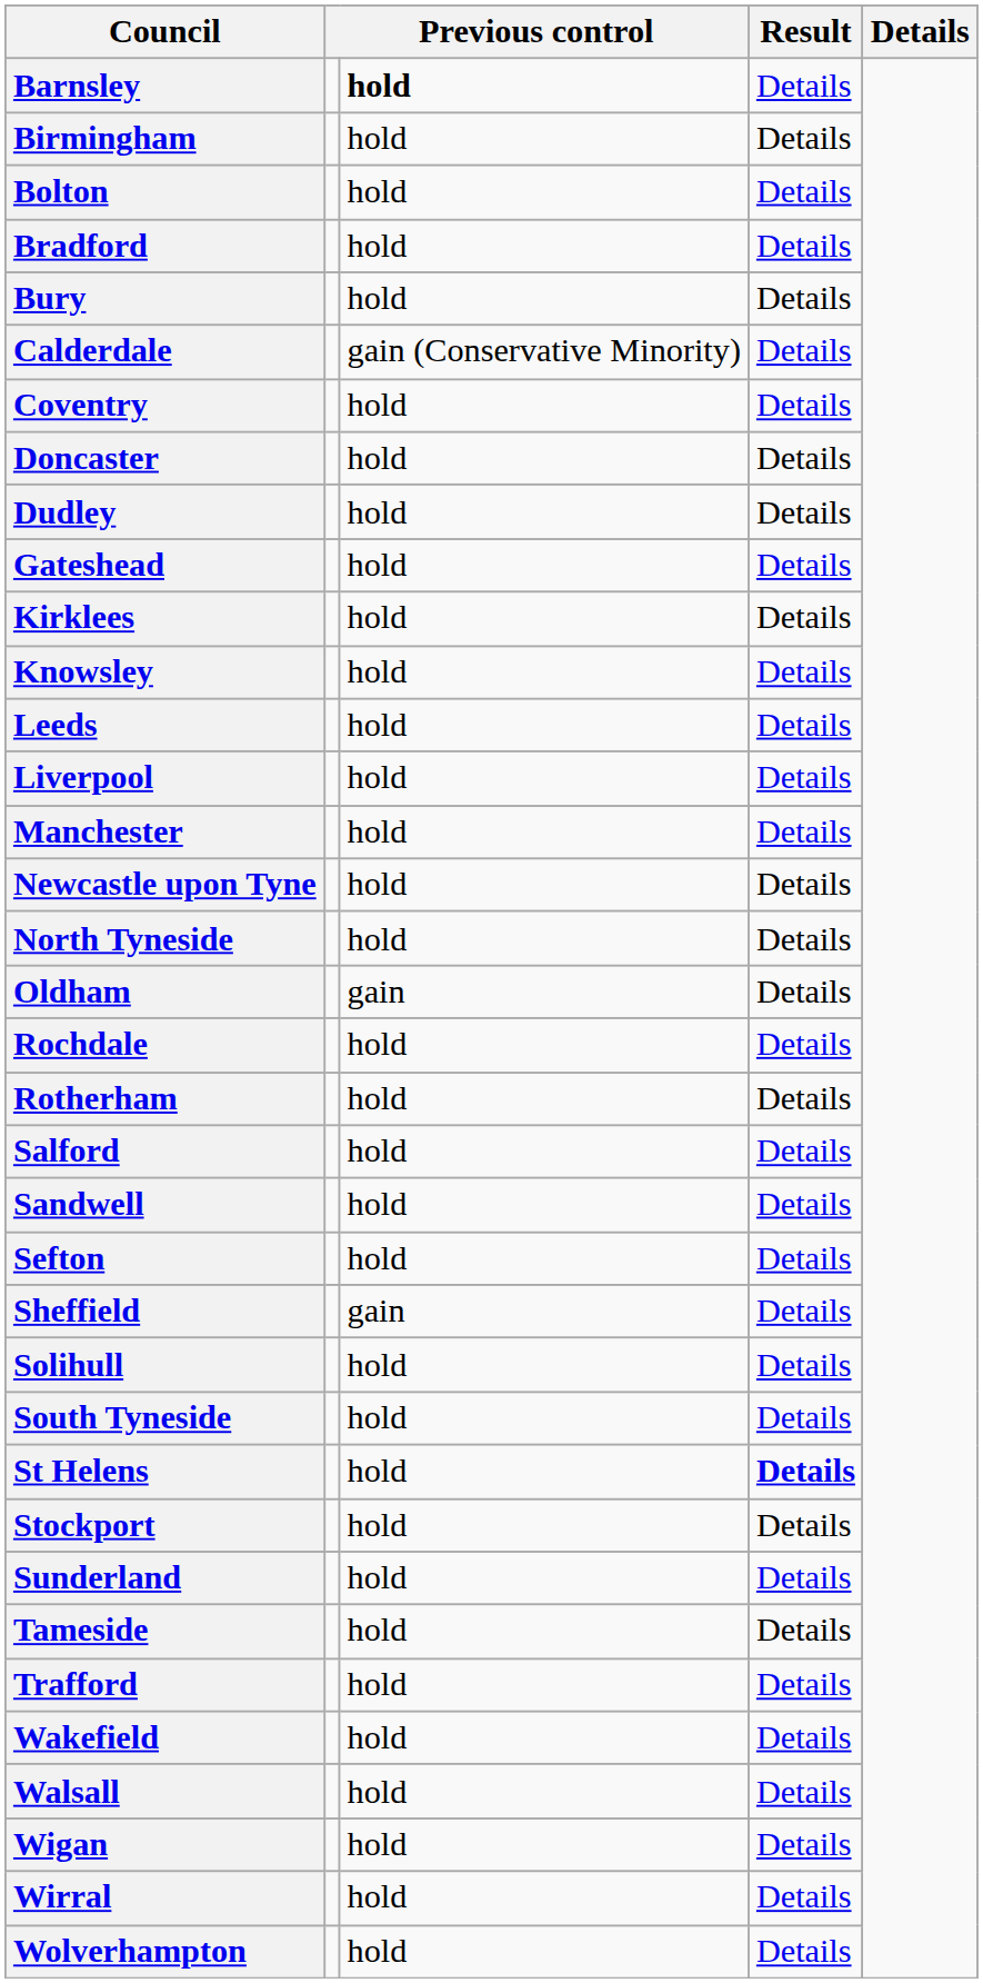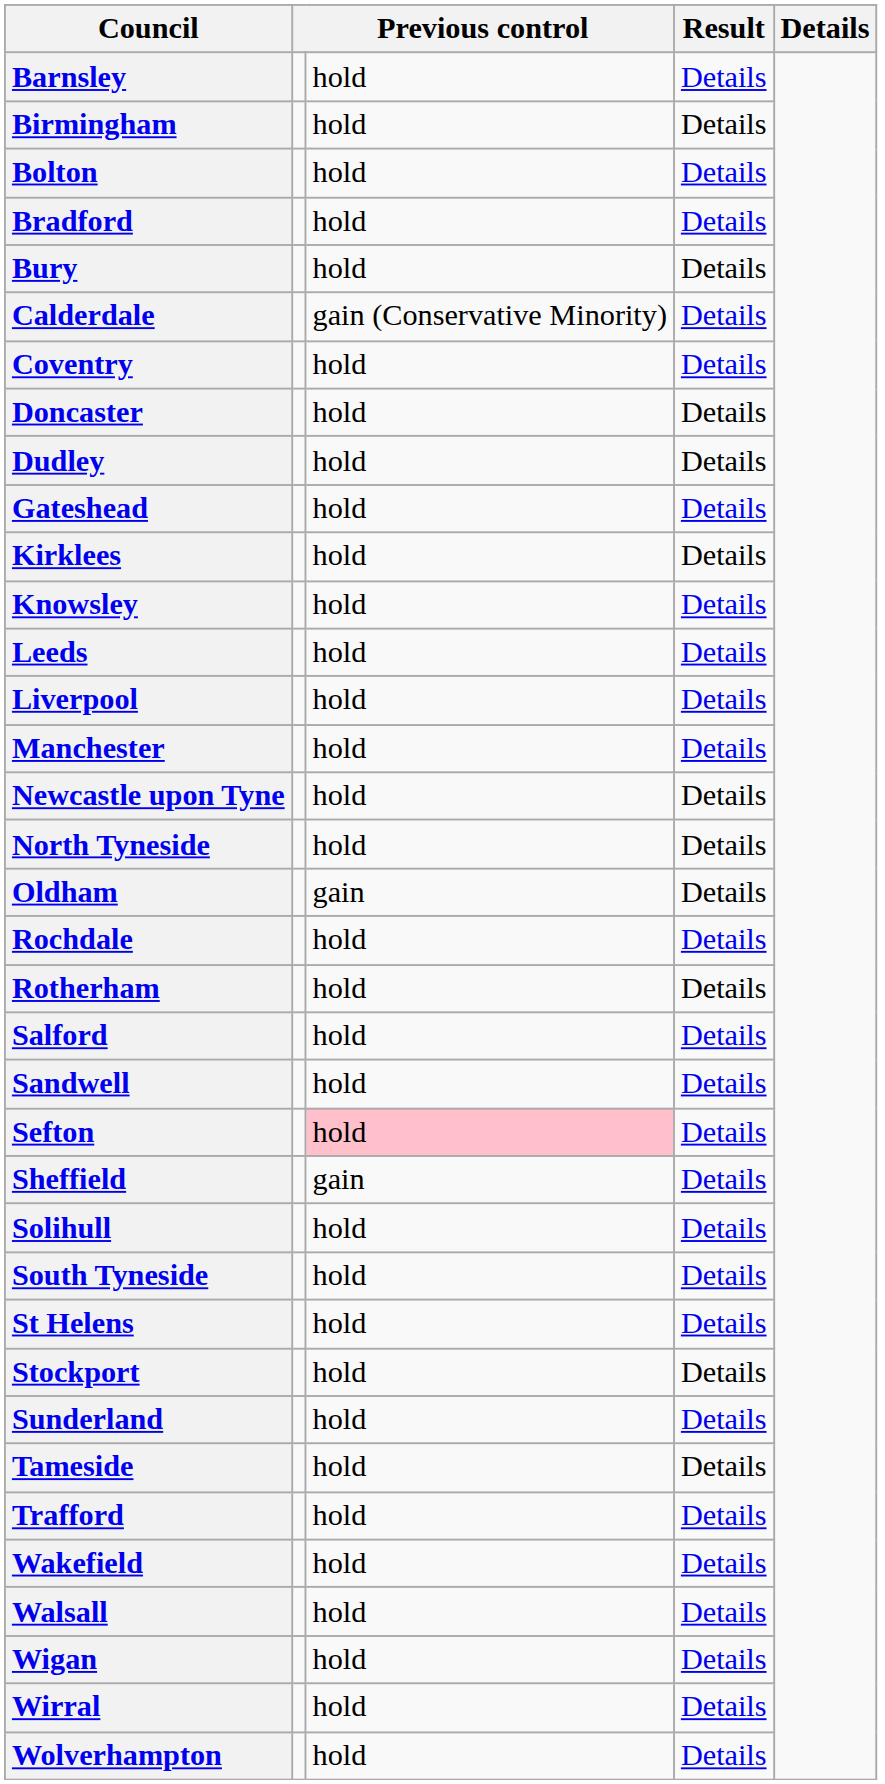 <table class="wikitable sortable" border="1">
 <tr>
 <th scope="col">Council</th>
 <th colspan=2>Previous control</th>
 <th colspan=2>Result</th>
 <th class="unsortable" scope="col">Details</th>
 </tr>
 <tr>
 <th scope="row" style="text-align: left;"><a href='#'>Barnsley</a></th>
 <td></td>
-<td><strong> hold</strong></td>
+<td> hold</td>
 <td><a href='#'>Details</a></td>
 </tr>
 <tr>
 <th scope="row" style="text-align: left;"><a href='#'>Birmingham</a></th>
 <td></td>
 <td> hold</td>
 <td>Details</td>
 </tr>
 <tr>
 <th scope="row" style="text-align: left;"><a href='#'>Bolton</a></th>
 <td></td>
 <td> hold</td>
 <td><a href='#'>Details</a></td>
 </tr>
 <tr>
 <th scope="row" style="text-align: left;"><a href='#'>Bradford</a></th>
 <td></td>
 <td> hold</td>
 <td><a href='#'>Details</a></td>
 </tr>
 <tr>
 <th scope="row" style="text-align: left;"><a href='#'>Bury</a></th>
 <td></td>
 <td> hold</td>
 <td>Details</td>
 </tr>
 <tr>
 <th scope="row" style="text-align: left;"><a href='#'>Calderdale</a></th>
 <td></td>
 <td> gain (Conservative Minority)</td>
 <td><a href='#'>Details</a></td>
 </tr>
 <tr>
 <th scope="row" style="text-align: left;"><a href='#'>Coventry</a></th>
 <td></td>
 <td> hold</td>
 <td><a href='#'>Details</a></td>
 </tr>
 <tr>
 <th scope="row" style="text-align: left;"><a href='#'>Doncaster</a></th>
 <td></td>
 <td> hold</td>
 <td>Details</td>
 </tr>
 <tr>
 <th scope="row" style="text-align: left;"><a href='#'>Dudley</a></th>
 <td></td>
 <td> hold</td>
 <td>Details</td>
 </tr>
 <tr>
 <th scope="row" style="text-align: left;"><a href='#'>Gateshead</a></th>
 <td></td>
 <td> hold</td>
 <td><a href='#'>Details</a></td>
 </tr>
 <tr>
 <th scope="row" style="text-align: left;"><a href='#'>Kirklees</a></th>
 <td></td>
 <td> hold</td>
 <td>Details</td>
 </tr>
 <tr>
 <th scope="row" style="text-align: left;"><a href='#'>Knowsley</a></th>
 <td></td>
 <td> hold</td>
 <td><a href='#'>Details</a></td>
 </tr>
 <tr>
 <th scope="row" style="text-align: left;"><a href='#'>Leeds</a></th>
 <td></td>
 <td> hold</td>
 <td><a href='#'>Details</a></td>
 </tr>
 <tr>
 <th scope="row" style="text-align: left;"><a href='#'>Liverpool</a></th>
 <td></td>
 <td> hold</td>
 <td><a href='#'>Details</a></td>
 </tr>
 <tr>
 <th scope="row" style="text-align: left;"><a href='#'>Manchester</a></th>
 <td></td>
 <td> hold</td>
 <td><a href='#'>Details</a></td>
 </tr>
 <tr>
 <th scope="row" style="text-align: left;"><a href='#'>Newcastle upon Tyne</a></th>
 <td></td>
 <td> hold</td>
 <td>Details</td>
 </tr>
 <tr>
 <th scope="row" style="text-align: left;"><a href='#'>North Tyneside</a></th>
 <td></td>
 <td> hold</td>
 <td>Details</td>
 </tr>
 <tr>
 <th scope="row" style="text-align: left;"><a href='#'>Oldham</a></th>
 <td></td>
 <td> gain</td>
 <td>Details</td>
 </tr>
 <tr>
 <th scope="row" style="text-align: left;"><a href='#'>Rochdale</a></th>
 <td></td>
 <td> hold</td>
 <td><a href='#'>Details</a></td>
 </tr>
 <tr>
 <th scope="row" style="text-align: left;"><a href='#'>Rotherham</a></th>
 <td></td>
 <td> hold</td>
 <td>Details</td>
 </tr>
 <tr>
 <th scope="row" style="text-align: left;"><a href='#'>Salford</a></th>
 <td></td>
 <td> hold</td>
 <td><a href='#'>Details</a></td>
 </tr>
 <tr>
 <th scope="row" style="text-align: left;"><a href='#'>Sandwell</a></th>
 <td></td>
 <td> hold</td>
 <td><a href='#'>Details</a></td>
 </tr>
 <tr>
 <th scope="row" style="text-align: left;"><a href='#'>Sefton</a></th>
 <td></td>
-<td> hold</td>
+<td style="background: pink;"> hold</td>
 <td><a href='#'>Details</a></td>
 </tr>
 <tr>
 <th scope="row" style="text-align: left;"><a href='#'>Sheffield</a></th>
 <td></td>
 <td> gain</td>
 <td><a href='#'>Details</a></td>
 </tr>
 <tr>
 <th scope="row" style="text-align: left;"><a href='#'>Solihull</a></th>
 <td></td>
 <td> hold</td>
 <td><a href='#'>Details</a></td>
 </tr>
 <tr>
 <th scope="row" style="text-align: left;"><a href='#'>South Tyneside</a></th>
 <td></td>
 <td> hold</td>
 <td><a href='#'>Details</a></td>
 </tr>
 <tr>
 <th scope="row" style="text-align: left;"><a href='#'>St Helens</a></th>
 <td></td>
 <td> hold</td>
-<td><strong><a href='#'>Details</a></strong></td>
+<td><a href='#'>Details</a></td>
 </tr>
 <tr>
 <th scope="row" style="text-align: left;"><a href='#'>Stockport</a></th>
 <td></td>
 <td> hold</td>
 <td>Details</td>
 </tr>
 <tr>
 <th scope="row" style="text-align: left;"><a href='#'>Sunderland</a></th>
 <td></td>
 <td> hold</td>
 <td><a href='#'>Details</a></td>
 </tr>
 <tr>
 <th scope="row" style="text-align: left;"><a href='#'>Tameside</a></th>
 <td></td>
 <td> hold</td>
 <td>Details</td>
 </tr>
 <tr>
 <th scope="row" style="text-align: left;"><a href='#'>Trafford</a></th>
 <td></td>
 <td> hold</td>
 <td><a href='#'>Details</a></td>
 </tr>
 <tr>
 <th scope="row" style="text-align: left;"><a href='#'>Wakefield</a></th>
 <td></td>
 <td> hold</td>
 <td><a href='#'>Details</a></td>
 </tr>
 <tr>
 <th scope="row" style="text-align: left;"><a href='#'>Walsall</a></th>
 <td></td>
 <td> hold</td>
 <td><a href='#'>Details</a></td>
 </tr>
 <tr>
 <th scope="row" style="text-align: left;"><a href='#'>Wigan</a></th>
 <td></td>
 <td> hold</td>
 <td><a href='#'>Details</a></td>
 </tr>
 <tr>
 <th scope="row" style="text-align: left;"><a href='#'>Wirral</a></th>
 <td></td>
 <td> hold</td>
 <td><a href='#'>Details</a></td>
 </tr>
 <tr>
 <th scope="row" style="text-align: left;"><a href='#'>Wolverhampton</a></th>
 <td></td>
 <td> hold</td>
 <td><a href='#'>Details</a></td>
 </tr>
 </table>
